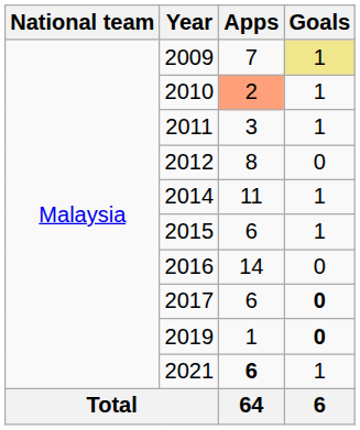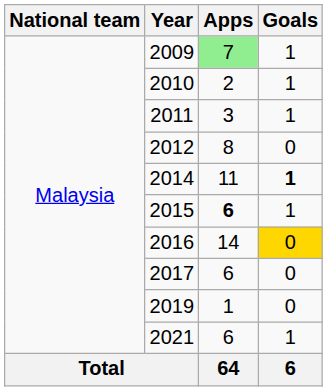 <table class=wikitable style="text-align: center;">
 <tr>
 <th>National team</th>
 <th>Year</th>
 <th>Apps</th>
 <th>Goals</th>
 </tr>
 <tr>
 <td rowspan=10><a href='#'>Malaysia</a></td>
 <td>2009</td>
-<td>7</td>
-<td style="background: khaki;">1</td>
+<td style="background: lightgreen;">7</td>
+<td>1</td>
 </tr>
 <tr>
 <td>2010</td>
-<td style="background: lightsalmon;">2</td>
+<td>2</td>
 <td>1</td>
 </tr>
 <tr>
 <td>2011</td>
 <td>3</td>
 <td>1</td>
 </tr>
 <tr>
 <td>2012</td>
 <td>8</td>
 <td>0</td>
 </tr>
 <tr>
 <td>2014</td>
 <td>11</td>
-<td>1</td>
+<td><strong>1</strong></td>
 </tr>
 <tr>
 <td>2015</td>
-<td>6</td>
+<td><strong>6</strong></td>
 <td>1</td>
 </tr>
 <tr>
 <td>2016</td>
 <td>14</td>
-<td>0</td>
+<td style="background: gold;">0</td>
 </tr>
 <tr>
 <td>2017</td>
 <td>6</td>
-<td><strong>0</strong></td>
+<td>0</td>
 </tr>
 <tr>
 <td>2019</td>
 <td>1</td>
-<td><strong>0</strong></td>
+<td>0</td>
 </tr>
 <tr>
 <td>2021</td>
-<td><strong>6</strong></td>
+<td>6</td>
 <td>1</td>
 </tr>
 <tr>
 <th colspan=2>Total</th>
 <th>64</th>
 <th>6</th>
 </tr>
 </table>
